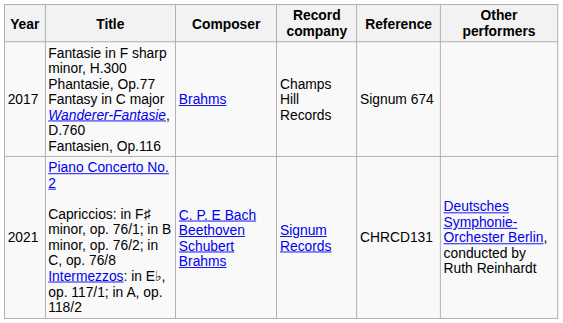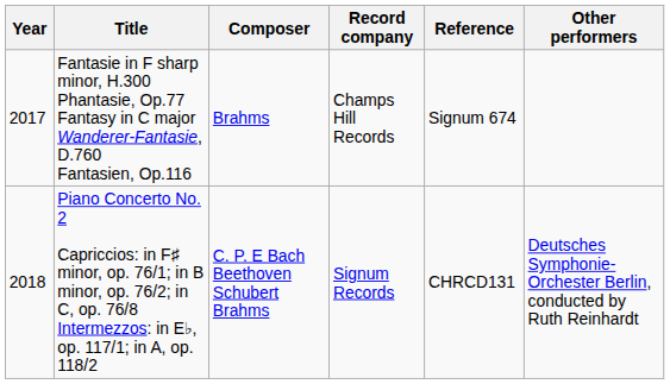 <table class="wikitable" style="font-size: 95%;">
 <tr>
 <th style="width:50px">Year</th>
 <th style="width:300px">Title</th>
 <th style="width:200px">Composer</th>
 <th style="width:128px">Record company</th>
 <th style="width:100px">Reference</th>
 <th style="width:256px">Other performers</th>
 </tr>
 <tr>
 <td>2017</td>
 <td>Fantasie in F sharp minor, H.300<br>Phantasie, Op.77<br>Fantasy in C major <em><a href='#'>Wanderer-Fantasie</a></em>, D.760<br>Fantasien, Op.116</td>
 <td><a href='#'>Brahms</a></td>
 <td>Champs Hill Records</td>
 <td>Signum 674</td>
 <td></td>
 </tr>
 <tr>
-<td>2021</td>
+<td>2018</td>
 <td><a href='#'>Piano Concerto No. 2</a><br><br>Capriccios: in F♯ minor, op. 76/1; in B minor, op. 76/2; in C, op. 76/8<br> <a href='#'>Intermezzos</a>: in E♭, op. 117/1; in A, op. 118/2</td>
 <td><a href='#'>C. P. E Bach</a><br><a href='#'>Beethoven</a><br><a href='#'>Schubert</a><br><a href='#'>Brahms</a></td>
 <td><a href='#'>Signum Records</a></td>
 <td>CHRCD131</td>
 <td><a href='#'>Deutsches Symphonie-Orchester Berlin</a>, conducted by Ruth Reinhardt</td>
 </tr>
 </table>
